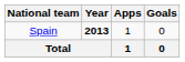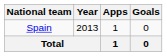 <table class="wikitable" style="text-align: center">
 <tr>
 <th>National team</th>
 <th>Year</th>
 <th>Apps</th>
 <th>Goals</th>
 </tr>
 <tr>
 <td><a href='#'>Spain</a></td>
-<td><strong>2013</strong></td>
+<td>2013</td>
 <td>1</td>
 <td>0</td>
 </tr>
 <tr>
 <th colspan="2">Total</th>
 <th>1</th>
 <th>0</th>
 </tr>
 </table>
